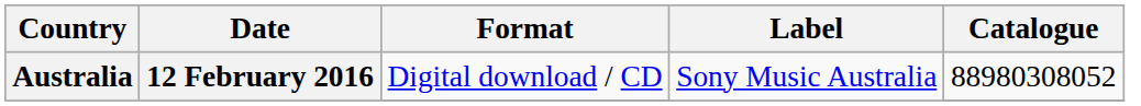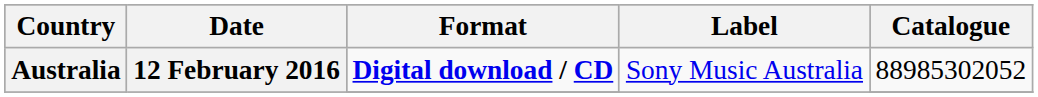 <table class="wikitable plainrowheaders">
 <tr>
 <th scope="col">Country</th>
 <th scope="col">Date</th>
 <th scope="col">Format</th>
 <th scope="col">Label</th>
 <th scope="col">Catalogue</th>
 </tr>
 <tr>
 <th scope="row" rowspan="2">Australia</th>
 <th scope="row" rowspan="2">12 February 2016</th>
-<td><a href='#'>Digital download</a> / <a href='#'>CD</a></td>
+<td><strong><a href='#'>Digital download</a> / <a href='#'>CD</a></strong></td>
 <td rowspan="2"><a href='#'>Sony Music Australia</a></td>
-<td>88980308052</td>
+<td>88985302052</td>
 </tr>
 <tr>
 </tr>
 </table>
